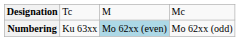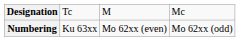 <table class="wikitable">
 <tr>
 <th>Designation</th>
 <td>Tc</td>
 <td>M</td>
 <td>Mc</td>
 </tr>
 <tr>
 <th>Numbering</th>
 <td>Ku 63xx</td>
-<td style="background: lightblue;">Mo 62xx (even)</td>
+<td>Mo 62xx (even)</td>
 <td>Mo 62xx (odd)</td>
 </tr>
 </table>
